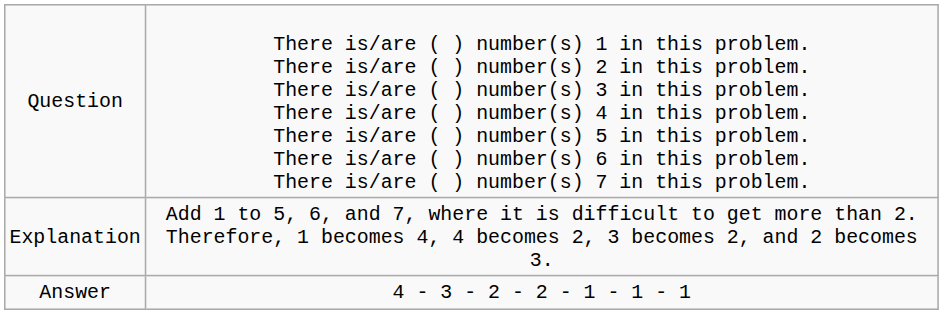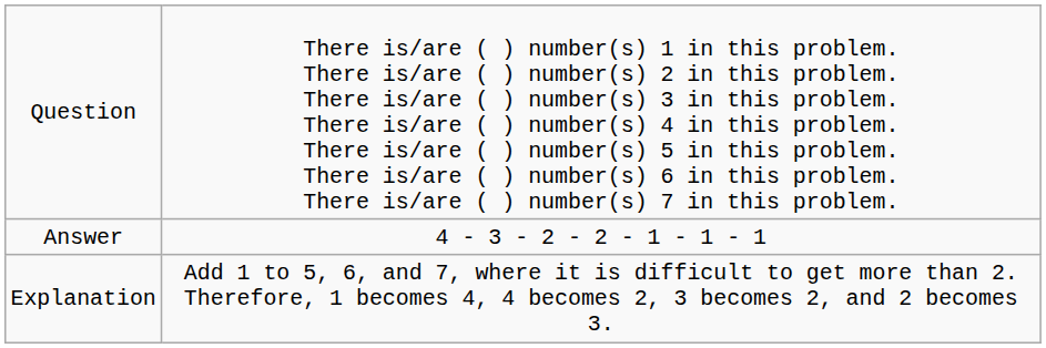 <table class="wikitable" style="text-align:center">
 <tr>
 <td>Question</td>
 <td><br>There is/are ( ) number(s) 1 in this problem.<br> There is/are ( ) number(s) 2 in this problem.<br> There is/are ( ) number(s) 3 in this problem.<br> There is/are ( ) number(s) 4 in this problem.<br> There is/are ( ) number(s) 5 in this problem.<br> There is/are ( ) number(s) 6 in this problem.<br> There is/are ( ) number(s) 7 in this problem.</td>
 </tr>
 <tr>
+<td>Answer</td>
+<td>4 - 3 - 2 - 2 - 1 - 1 - 1</td>
+</tr>
+<tr>
 <td>Explanation</td>
 <td>Add 1 to 5, 6, and 7, where it is difficult to get more than 2.<br> Therefore, 1 becomes 4, 4 becomes 2, 3 becomes 2, and 2 becomes 3.</td>
 </tr>
-<tr>
-<td>Answer</td>
-<td>4 - 3 - 2 - 2 - 1 - 1 - 1</td>
-</tr>
 </table>
